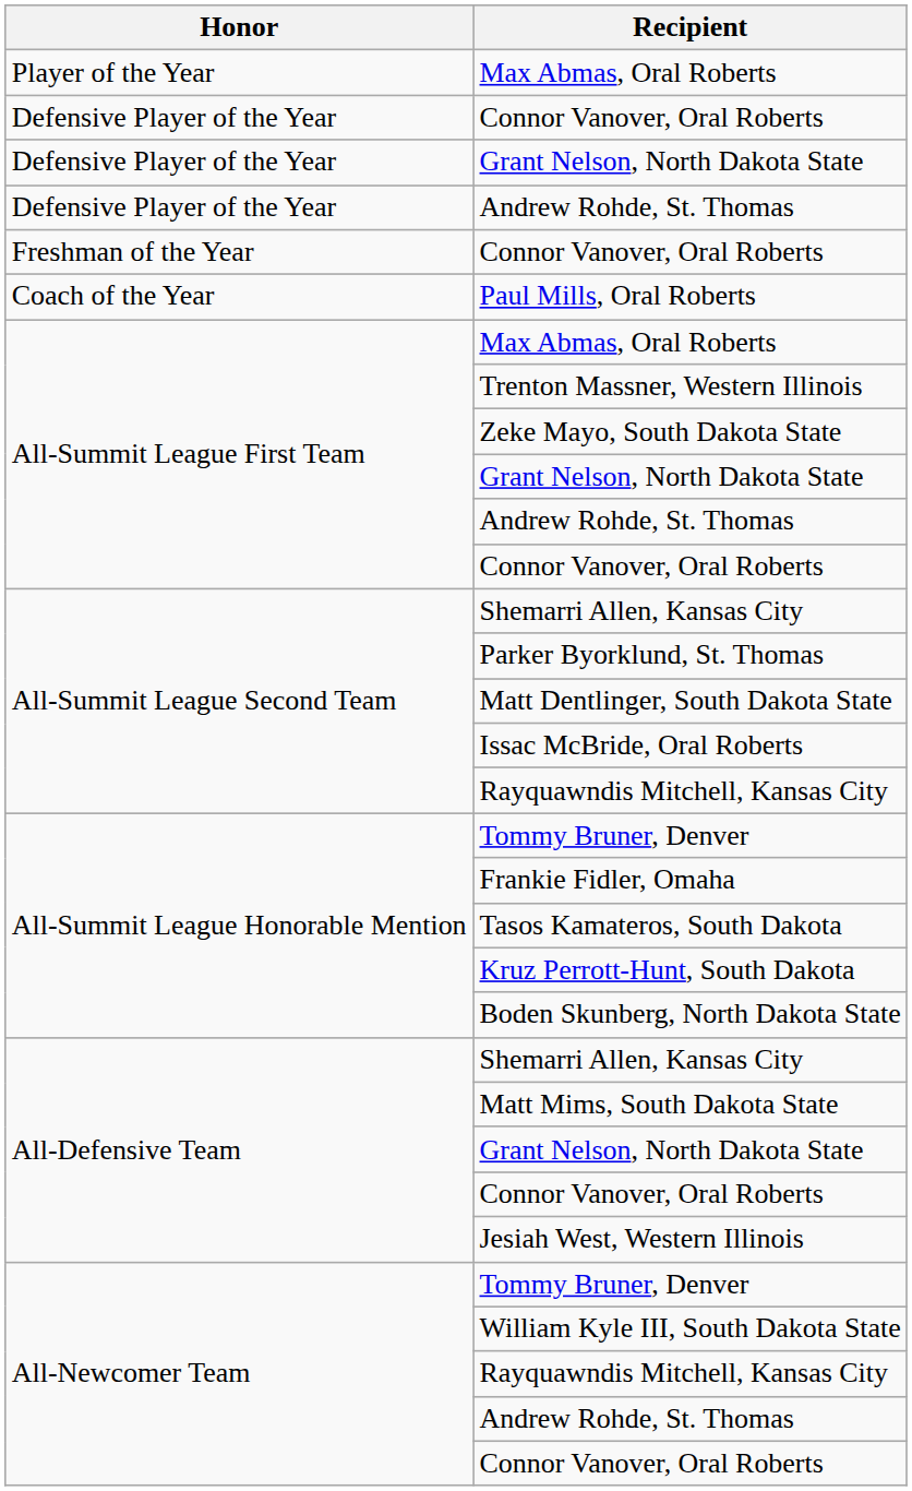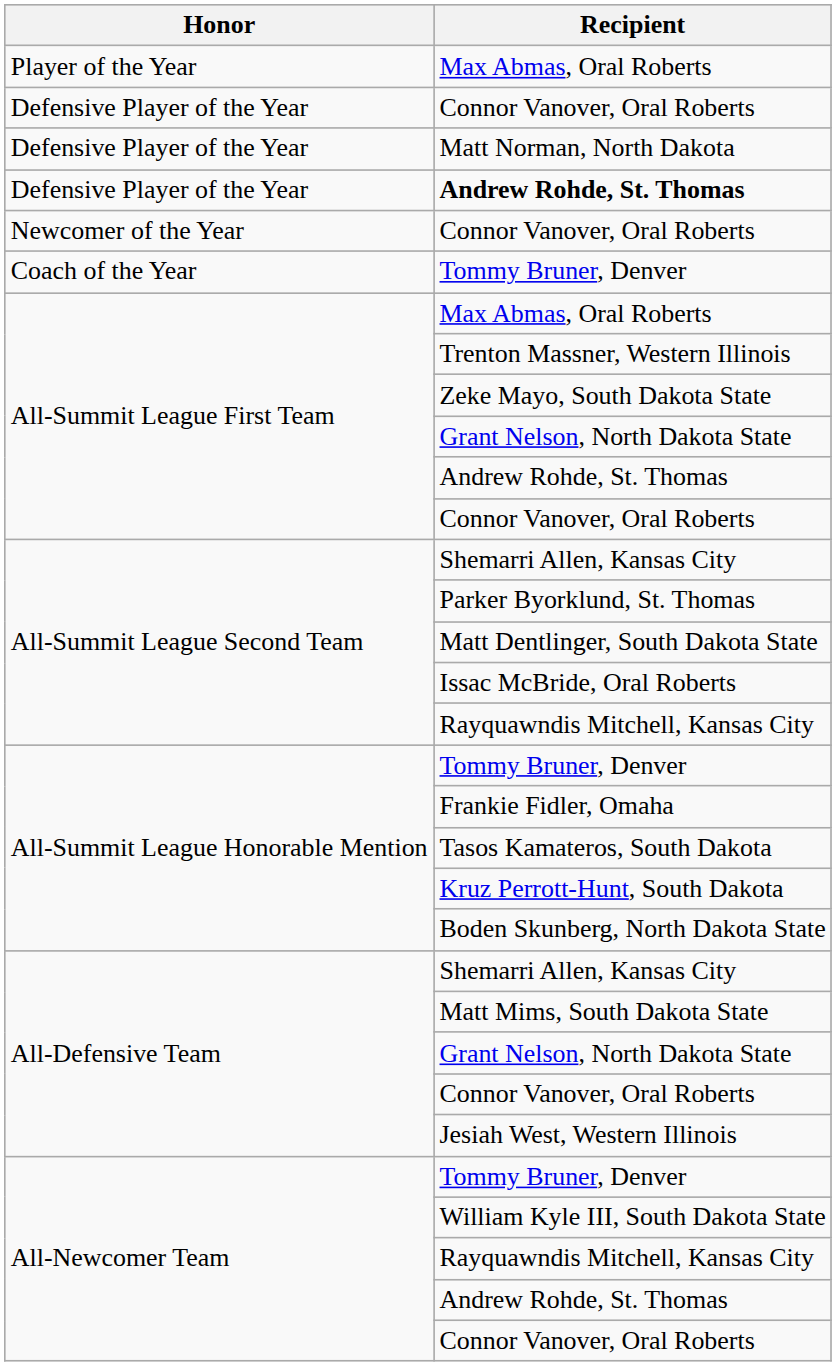 <table class="wikitable" border="1">
 <tr>
 <th>Honor</th>
 <th>Recipient</th>
 </tr>
 <tr>
 <td>Player of the Year</td>
 <td><a href='#'>Max Abmas</a>, Oral Roberts</td>
 </tr>
 <tr>
 <td>Defensive Player of the Year</td>
 <td>Connor Vanover, Oral Roberts</td>
 </tr>
 <tr>
 <td>Defensive Player of the Year</td>
-<td><a href='#'>Grant Nelson</a>, North Dakota State</td>
+<td>Matt Norman, North Dakota</td>
 </tr>
 <tr>
 <td>Defensive Player of the Year</td>
-<td>Andrew Rohde, St. Thomas</td>
+<td><strong>Andrew Rohde, St. Thomas</strong></td>
 </tr>
 <tr>
-<td>Freshman of the Year</td>
+<td>Newcomer of the Year</td>
 <td>Connor Vanover, Oral Roberts</td>
 </tr>
 <tr>
 <td>Coach of the Year</td>
-<td><a href='#'>Paul Mills</a>, Oral Roberts</td>
+<td><a href='#'>Tommy Bruner</a>, Denver</td>
 </tr>
 <tr>
 <td rowspan="6" valign="middle">All-Summit League First Team</td>
 <td><a href='#'>Max Abmas</a>, Oral Roberts</td>
 </tr>
 <tr>
 <td>Trenton Massner, Western Illinois</td>
 </tr>
 <tr>
 <td>Zeke Mayo, South Dakota State</td>
 </tr>
 <tr>
 <td><a href='#'>Grant Nelson</a>, North Dakota State</td>
 </tr>
 <tr>
 <td>Andrew Rohde, St. Thomas</td>
 </tr>
 <tr>
 <td>Connor Vanover, Oral Roberts</td>
 </tr>
 <tr>
 <td rowspan="5">All-Summit League Second Team</td>
 <td>Shemarri Allen, Kansas City</td>
 </tr>
 <tr>
 <td>Parker Byorklund, St. Thomas</td>
 </tr>
 <tr>
 <td>Matt Dentlinger, South Dakota State</td>
 </tr>
 <tr>
 <td>Issac McBride, Oral Roberts</td>
 </tr>
 <tr>
 <td>Rayquawndis Mitchell, Kansas City</td>
 </tr>
 <tr>
 <td rowspan="5">All-Summit League Honorable Mention</td>
 <td><a href='#'>Tommy Bruner</a>, Denver</td>
 </tr>
 <tr>
 <td>Frankie Fidler, Omaha</td>
 </tr>
 <tr>
 <td>Tasos Kamateros, South Dakota</td>
 </tr>
 <tr>
 <td><a href='#'>Kruz Perrott-Hunt</a>, South Dakota</td>
 </tr>
 <tr>
 <td>Boden Skunberg, North Dakota State</td>
 </tr>
 <tr>
 <td rowspan="5">All-Defensive Team</td>
 <td>Shemarri Allen, Kansas City</td>
 </tr>
 <tr>
 <td>Matt Mims, South Dakota State</td>
 </tr>
 <tr>
 <td><a href='#'>Grant Nelson</a>, North Dakota State</td>
 </tr>
 <tr>
 <td>Connor Vanover, Oral Roberts</td>
 </tr>
 <tr>
 <td>Jesiah West, Western Illinois</td>
 </tr>
 <tr>
 <td rowspan="5">All-Newcomer Team</td>
 <td><a href='#'>Tommy Bruner</a>, Denver</td>
 </tr>
 <tr>
 <td>William Kyle III, South Dakota State</td>
 </tr>
 <tr>
 <td>Rayquawndis Mitchell, Kansas City</td>
 </tr>
 <tr>
 <td>Andrew Rohde, St. Thomas</td>
 </tr>
 <tr>
 <td>Connor Vanover, Oral Roberts</td>
 </tr>
 </table>
